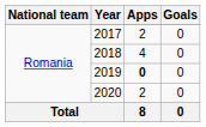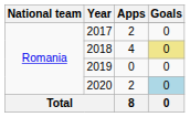 <table class="wikitable" style="text-align:center">
 <tr>
 <th>National team</th>
 <th>Year</th>
 <th>Apps</th>
 <th>Goals</th>
 </tr>
 <tr>
 <td rowspan="5"><a href='#'>Romania</a></td>
 </tr>
 <tr>
 <td>2017</td>
 <td>2</td>
 <td>0</td>
 </tr>
 <tr>
 <td>2018</td>
 <td>4</td>
-<td>0</td>
+<td style="background: khaki;">0</td>
 </tr>
 <tr>
 <td>2019</td>
-<td><strong>0</strong></td>
+<td>0</td>
 <td>0</td>
 </tr>
 <tr>
 <td>2020</td>
 <td>2</td>
-<td>0</td>
+<td style="background: lightblue;">0</td>
 </tr>
 <tr>
 <th colspan=2>Total</th>
 <th>8</th>
 <th>0</th>
 </tr>
 </table>
